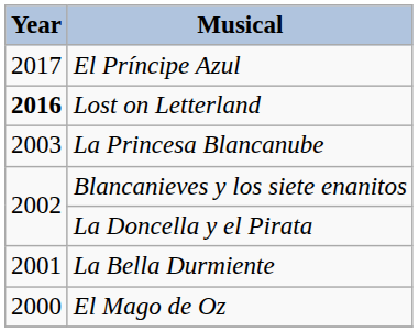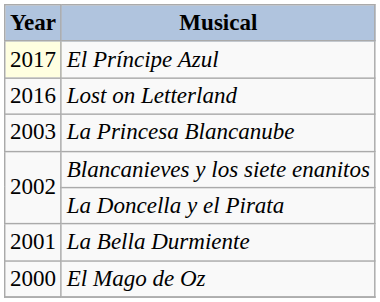 <table class="wikitable">
 <tr>
 <th style="background:#B0C4DE;">Year</th>
 <th style="background:#B0C4DE;">Musical</th>
 </tr>
 <tr>
-<td>2017</td>
+<td style="background: lightyellow;">2017</td>
 <td><em>El Príncipe Azul</em></td>
 </tr>
 <tr>
-<td><strong>2016</strong></td>
+<td>2016</td>
 <td><em>Lost on Letterland</em></td>
 </tr>
 <tr>
 <td>2003</td>
 <td><em>La Princesa Blancanube</em></td>
 </tr>
 <tr>
 <td rowspan="2">2002</td>
 <td><em>Blancanieves y los siete enanitos</em></td>
 </tr>
 <tr>
 <td><em>La Doncella y el Pirata</em></td>
 </tr>
 <tr>
 <td>2001</td>
 <td><em>La Bella Durmiente</em></td>
 </tr>
 <tr>
 <td>2000</td>
 <td><em>El Mago de Oz</em></td>
 </tr>
 <tr>
 </tr>
 </table>
